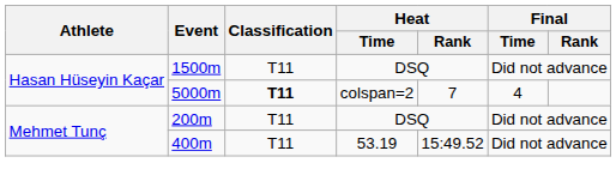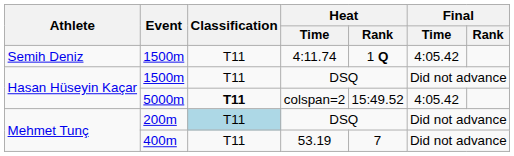 <table class=wikitable style="font-size:90%">
 <tr>
 <th rowspan="2">Athlete</th>
 <th rowspan="2">Event</th>
 <th rowspan="2">Classification</th>
 <th colspan="2">Heat</th>
 <th colspan="2">Final</th>
 </tr>
 <tr style="font-size:95%">
 <th>Time</th>
 <th>Rank</th>
 <th>Time</th>
 <th>Rank</th>
 </tr>
 <tr align=center>
+<td align=left><a href='#'>Semih Deniz</a></td>
+<td align=left><a href='#'>1500m</a></td>
+<td>T11</td>
+<td>4:11.74</td>
+<td>1 <strong>Q</strong></td>
+<td>4:05.42</td>
+<td></td>
+</tr>
+<tr align=center>
 <td align=left rowspan=2><a href='#'>Hasan Hüseyin Kaçar</a></td>
 <td align=left><a href='#'>1500m</a></td>
 <td>T11</td>
 <td colspan=2>DSQ</td>
 <td colspan=2>Did not advance</td>
 </tr>
 <tr align=center>
 <td align=left><a href='#'>5000m</a></td>
 <td><strong>T11</strong></td>
 <td>colspan=2 </td>
-<td>7</td>
-<td>4</td>
+<td>15:49.52</td>
+<td>4:05.42</td>
 </tr>
 <tr align=center>
 <td align=left rowspan=2><a href='#'>Mehmet Tunç</a></td>
 <td align=left><a href='#'>200m</a></td>
-<td>T11</td>
+<td style="background: lightblue;">T11</td>
 <td colspan=2>DSQ</td>
 <td colspan=2>Did not advance</td>
 </tr>
 <tr align=center>
 <td align=left><a href='#'>400m</a></td>
 <td>T11</td>
 <td>53.19</td>
-<td>15:49.52</td>
+<td>7</td>
 <td colspan=2>Did not advance</td>
 </tr>
 </table>
